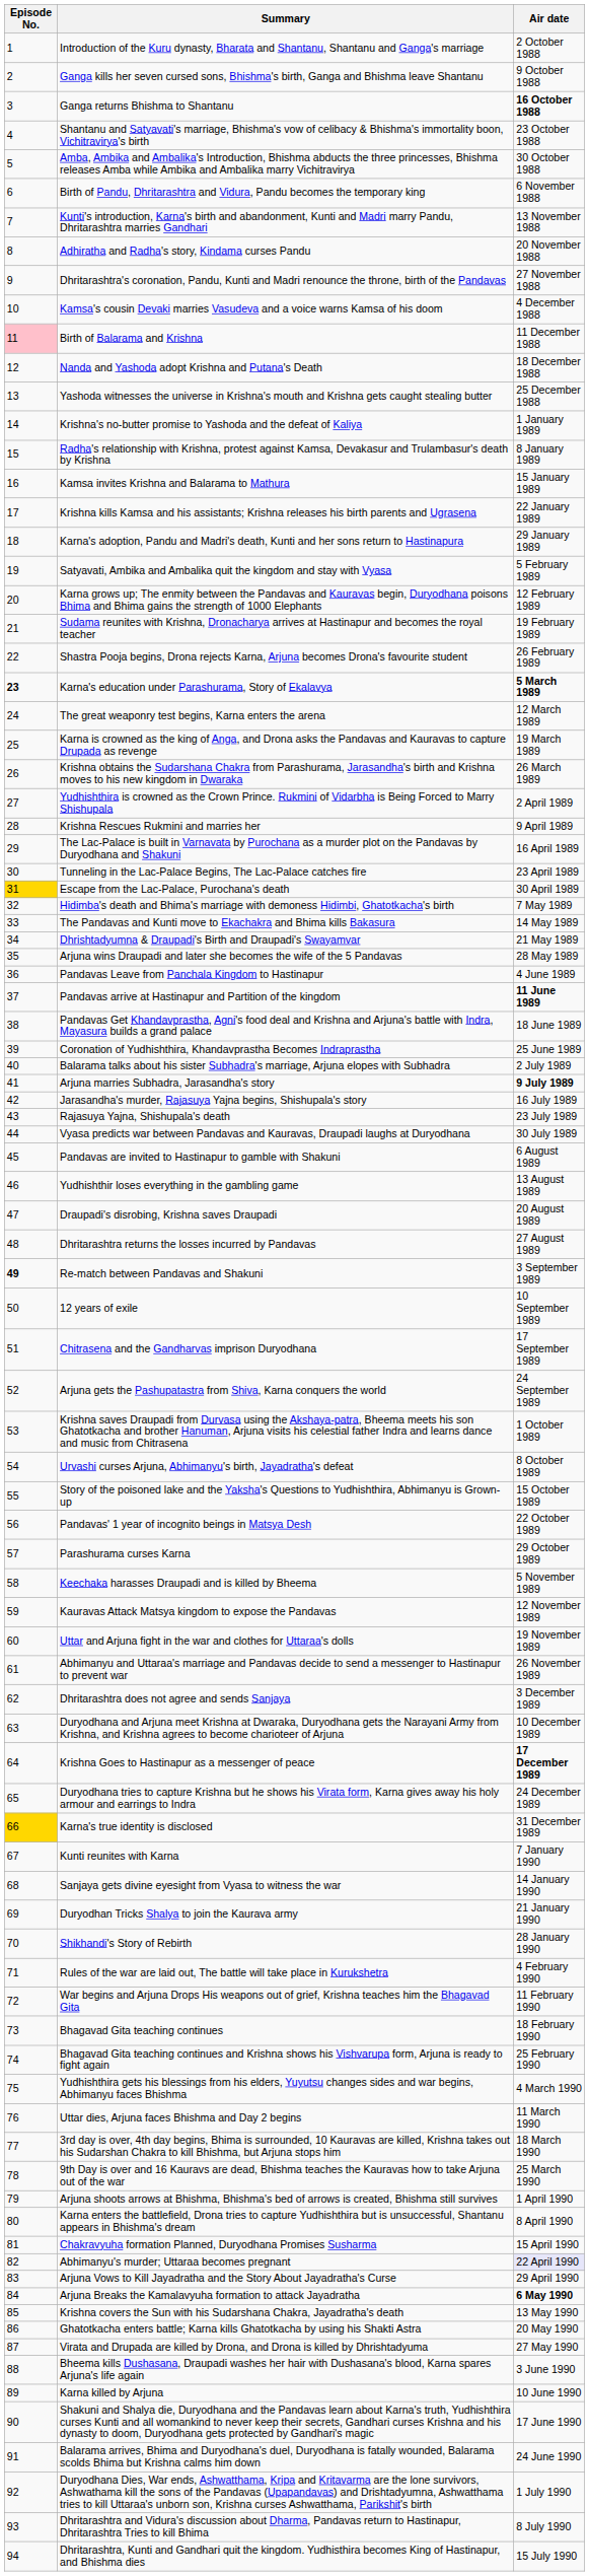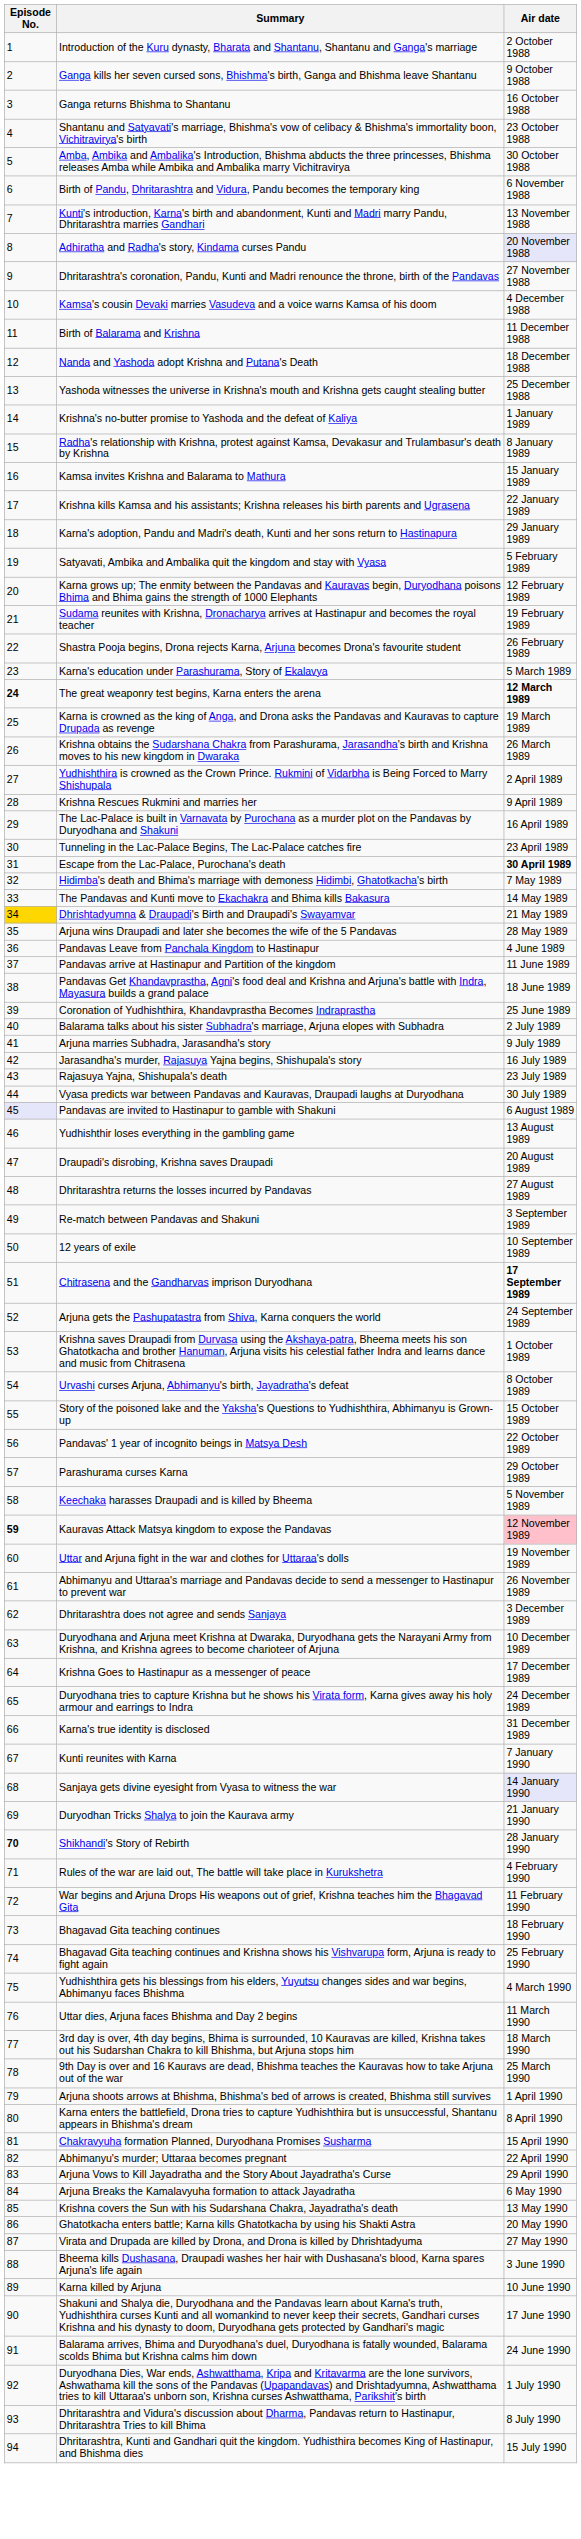 <table class="wikitable">
 <tr>
 <th>Episode No.</th>
 <th>Summary</th>
 <th>Air date</th>
 </tr>
 <tr>
 <td>1</td>
 <td>Introduction of the <a href='#'>Kuru</a> dynasty, <a href='#'>Bharata</a> and <a href='#'>Shantanu</a>, Shantanu and <a href='#'>Ganga</a>'s marriage</td>
 <td>2 October 1988</td>
 </tr>
 <tr>
 <td>2</td>
 <td><a href='#'>Ganga</a> kills her seven cursed sons, <a href='#'>Bhishma</a>'s birth, Ganga and Bhishma leave Shantanu</td>
 <td>9 October 1988</td>
 </tr>
 <tr>
 <td>3</td>
 <td>Ganga returns Bhishma to Shantanu</td>
-<td><strong>16 October 1988</strong></td>
+<td>16 October 1988</td>
 </tr>
 <tr>
 <td>4</td>
 <td>Shantanu and <a href='#'>Satyavati</a>'s marriage, Bhishma's vow of celibacy & Bhishma's immortality boon, <a href='#'>Vichitravirya</a>'s birth</td>
 <td>23 October 1988</td>
 </tr>
 <tr>
 <td>5</td>
 <td><a href='#'>Amba</a>, <a href='#'>Ambika</a> and <a href='#'>Ambalika</a>'s Introduction, Bhishma abducts the three princesses, Bhishma releases Amba while Ambika and Ambalika marry Vichitravirya</td>
 <td>30 October 1988</td>
 </tr>
 <tr>
 <td>6</td>
 <td>Birth of <a href='#'>Pandu</a>, <a href='#'>Dhritarashtra</a> and <a href='#'>Vidura</a>, Pandu becomes the temporary king</td>
 <td>6 November 1988</td>
 </tr>
 <tr>
 <td>7</td>
 <td><a href='#'>Kunti</a>'s introduction, <a href='#'>Karna</a>'s birth and abandonment, Kunti and <a href='#'>Madri</a> marry Pandu, Dhritarashtra marries <a href='#'>Gandhari</a></td>
 <td>13 November 1988</td>
 </tr>
 <tr>
 <td>8</td>
 <td><a href='#'>Adhiratha</a> and <a href='#'>Radha</a>'s story, <a href='#'>Kindama</a> curses Pandu</td>
-<td>20 November 1988</td>
+<td style="background: lavender;">20 November 1988</td>
 </tr>
 <tr>
 <td>9</td>
 <td>Dhritarashtra's coronation, Pandu, Kunti and Madri renounce the throne, birth of the <a href='#'>Pandavas</a></td>
 <td>27 November 1988</td>
 </tr>
 <tr>
 <td>10</td>
 <td><a href='#'>Kamsa</a>'s cousin <a href='#'>Devaki</a> marries <a href='#'>Vasudeva</a> and a voice warns Kamsa of his doom</td>
 <td>4 December 1988</td>
 </tr>
 <tr>
-<td style="background: pink;">11</td>
+<td>11</td>
 <td>Birth of <a href='#'>Balarama</a> and <a href='#'>Krishna</a></td>
 <td>11 December 1988</td>
 </tr>
 <tr>
 <td>12</td>
 <td><a href='#'>Nanda</a> and <a href='#'>Yashoda</a> adopt Krishna and <a href='#'>Putana</a>'s Death</td>
 <td>18 December 1988</td>
 </tr>
 <tr>
 <td>13</td>
 <td>Yashoda witnesses the universe in Krishna's mouth and Krishna gets caught stealing butter</td>
 <td>25 December 1988</td>
 </tr>
 <tr>
 <td>14</td>
 <td>Krishna's no-butter promise to Yashoda and the defeat of <a href='#'>Kaliya</a></td>
 <td>1 January 1989</td>
 </tr>
 <tr>
 <td>15</td>
 <td><a href='#'>Radha</a>'s relationship with Krishna, protest against Kamsa, Devakasur and Trulambasur's death by Krishna</td>
 <td>8 January 1989</td>
 </tr>
 <tr>
 <td>16</td>
 <td>Kamsa invites Krishna and Balarama to <a href='#'>Mathura</a></td>
 <td>15 January 1989</td>
 </tr>
 <tr>
 <td>17</td>
 <td>Krishna kills Kamsa and his assistants; Krishna releases his birth parents and <a href='#'>Ugrasena</a></td>
 <td>22 January 1989</td>
 </tr>
 <tr>
 <td>18</td>
 <td>Karna's adoption, Pandu and Madri's death, Kunti and her sons return to <a href='#'>Hastinapura</a></td>
 <td>29 January 1989</td>
 </tr>
 <tr>
 <td>19</td>
 <td>Satyavati, Ambika and Ambalika quit the kingdom and stay with <a href='#'>Vyasa</a></td>
 <td>5 February 1989</td>
 </tr>
 <tr>
 <td>20</td>
 <td>Karna grows up; The enmity between the Pandavas and <a href='#'>Kauravas</a> begin, <a href='#'>Duryodhana</a> poisons <a href='#'>Bhima</a> and Bhima gains the strength of 1000 Elephants</td>
 <td>12 February 1989</td>
 </tr>
 <tr>
 <td>21</td>
 <td><a href='#'>Sudama</a> reunites with Krishna, <a href='#'>Dronacharya</a> arrives at Hastinapur and becomes the royal teacher</td>
 <td>19 February 1989</td>
 </tr>
 <tr>
 <td>22</td>
 <td>Shastra Pooja begins, Drona rejects Karna, <a href='#'>Arjuna</a> becomes Drona's favourite student</td>
 <td>26 February 1989</td>
 </tr>
 <tr>
-<td><strong>23</strong></td>
+<td>23</td>
 <td>Karna's education under <a href='#'>Parashurama</a>, Story of <a href='#'>Ekalavya</a></td>
-<td><strong>5 March 1989</strong></td>
+<td>5 March 1989</td>
 </tr>
 <tr>
-<td>24</td>
+<td><strong>24</strong></td>
 <td>The great weaponry test begins, Karna enters the arena</td>
-<td>12 March 1989</td>
+<td><strong>12 March 1989</strong></td>
 </tr>
 <tr>
 <td>25</td>
 <td>Karna is crowned as the king of <a href='#'>Anga</a>, and Drona asks the Pandavas and Kauravas to capture <a href='#'>Drupada</a> as revenge</td>
 <td>19 March 1989</td>
 </tr>
 <tr>
 <td>26</td>
 <td>Krishna obtains the <a href='#'>Sudarshana Chakra</a> from Parashurama, <a href='#'>Jarasandha</a>'s birth and Krishna moves to his new kingdom in <a href='#'>Dwaraka</a></td>
 <td>26 March 1989</td>
 </tr>
 <tr>
 <td>27</td>
 <td><a href='#'>Yudhishthira</a> is crowned as the Crown Prince. <a href='#'>Rukmini</a> of <a href='#'>Vidarbha</a> is Being Forced to Marry <a href='#'>Shishupala</a></td>
 <td>2 April 1989</td>
 </tr>
 <tr>
 <td>28</td>
 <td>Krishna Rescues Rukmini and marries her</td>
 <td>9 April 1989</td>
 </tr>
 <tr>
 <td>29</td>
 <td>The Lac-Palace is built in <a href='#'>Varnavata</a> by <a href='#'>Purochana</a> as a murder plot on the Pandavas by Duryodhana and <a href='#'>Shakuni</a></td>
 <td>16 April 1989</td>
 </tr>
 <tr>
 <td>30</td>
 <td>Tunneling in the Lac-Palace Begins, The Lac-Palace catches fire</td>
 <td>23 April 1989</td>
 </tr>
 <tr>
-<td style="background: gold;">31</td>
+<td>31</td>
 <td>Escape from the Lac-Palace, Purochana's death</td>
-<td>30 April 1989</td>
+<td><strong>30 April 1989</strong></td>
 </tr>
 <tr>
 <td>32</td>
 <td><a href='#'>Hidimba</a>'s death and Bhima's marriage with demoness <a href='#'>Hidimbi</a>, <a href='#'>Ghatotkacha</a>'s birth</td>
 <td>7 May 1989</td>
 </tr>
 <tr>
 <td>33</td>
 <td>The Pandavas and Kunti move to <a href='#'>Ekachakra</a> and Bhima kills <a href='#'>Bakasura</a></td>
 <td>14 May 1989</td>
 </tr>
 <tr>
-<td>34</td>
+<td style="background: gold;">34</td>
 <td><a href='#'>Dhrishtadyumna</a> & <a href='#'>Draupadi</a>'s Birth and Draupadi's <a href='#'>Swayamvar</a></td>
 <td>21 May 1989</td>
 </tr>
 <tr>
 <td>35</td>
 <td>Arjuna wins Draupadi and later she becomes the wife of the 5 Pandavas</td>
 <td>28 May 1989</td>
 </tr>
 <tr>
 <td>36</td>
 <td>Pandavas Leave from <a href='#'>Panchala Kingdom</a> to Hastinapur</td>
 <td>4 June 1989</td>
 </tr>
 <tr>
 <td>37</td>
 <td>Pandavas arrive at Hastinapur and Partition of the kingdom</td>
-<td><strong>11 June 1989</strong></td>
+<td>11 June 1989</td>
 </tr>
 <tr>
 <td>38</td>
 <td>Pandavas Get <a href='#'>Khandavprastha</a>, <a href='#'>Agni</a>'s food deal and Krishna and Arjuna's battle with <a href='#'>Indra</a>, <a href='#'>Mayasura</a> builds a grand palace</td>
 <td>18 June 1989</td>
 </tr>
 <tr>
 <td>39</td>
 <td>Coronation of Yudhishthira, Khandavprastha Becomes <a href='#'>Indraprastha</a></td>
 <td>25 June 1989</td>
 </tr>
 <tr>
 <td>40</td>
 <td>Balarama talks about his sister <a href='#'>Subhadra</a>'s marriage, Arjuna elopes with Subhadra</td>
 <td>2 July 1989</td>
 </tr>
 <tr>
 <td>41</td>
 <td>Arjuna marries Subhadra, Jarasandha's story</td>
-<td><strong>9 July 1989</strong></td>
+<td>9 July 1989</td>
 </tr>
 <tr>
 <td>42</td>
 <td>Jarasandha's murder, <a href='#'>Rajasuya</a> Yajna begins, Shishupala's story</td>
 <td>16 July 1989</td>
 </tr>
 <tr>
 <td>43</td>
 <td>Rajasuya Yajna, Shishupala's death</td>
 <td>23 July 1989</td>
 </tr>
 <tr>
 <td>44</td>
 <td>Vyasa predicts war between Pandavas and Kauravas, Draupadi laughs at Duryodhana</td>
 <td>30 July 1989</td>
 </tr>
 <tr>
-<td>45</td>
+<td style="background: lavender;">45</td>
 <td>Pandavas are invited to Hastinapur to gamble with Shakuni</td>
 <td>6 August 1989</td>
 </tr>
 <tr>
 <td>46</td>
 <td>Yudhishthir loses everything in the gambling game</td>
 <td>13 August 1989</td>
 </tr>
 <tr>
 <td>47</td>
 <td>Draupadi's disrobing, Krishna saves Draupadi</td>
 <td>20 August 1989</td>
 </tr>
 <tr>
 <td>48</td>
 <td>Dhritarashtra returns the losses incurred by Pandavas</td>
 <td>27 August 1989</td>
 </tr>
 <tr>
-<td><strong>49</strong></td>
+<td>49</td>
 <td>Re-match between Pandavas and Shakuni</td>
 <td>3 September 1989</td>
 </tr>
 <tr>
 <td>50</td>
 <td>12 years of exile</td>
 <td>10 September 1989</td>
 </tr>
 <tr>
 <td>51</td>
 <td><a href='#'>Chitrasena</a> and the <a href='#'>Gandharvas</a> imprison Duryodhana</td>
-<td>17 September 1989</td>
+<td><strong>17 September 1989</strong></td>
 </tr>
 <tr>
 <td>52</td>
 <td>Arjuna gets the <a href='#'>Pashupatastra</a> from <a href='#'>Shiva</a>, Karna conquers the world</td>
 <td>24 September 1989</td>
 </tr>
 <tr>
 <td>53</td>
 <td>Krishna saves Draupadi from <a href='#'>Durvasa</a> using the <a href='#'>Akshaya-patra</a>, Bheema meets his son Ghatotkacha and brother <a href='#'>Hanuman</a>, Arjuna visits his celestial father Indra and learns dance and music from Chitrasena</td>
 <td>1 October 1989</td>
 </tr>
 <tr>
 <td>54</td>
 <td><a href='#'>Urvashi</a> curses Arjuna, <a href='#'>Abhimanyu</a>'s birth, <a href='#'>Jayadratha</a>'s defeat</td>
 <td>8 October 1989</td>
 </tr>
 <tr>
 <td>55</td>
 <td>Story of the poisoned lake and the <a href='#'>Yaksha</a>'s Questions to Yudhishthira, Abhimanyu is Grown-up</td>
 <td>15 October 1989</td>
 </tr>
 <tr>
 <td>56</td>
 <td>Pandavas' 1 year of incognito beings in <a href='#'>Matsya Desh</a></td>
 <td>22 October 1989</td>
 </tr>
 <tr>
 <td>57</td>
 <td>Parashurama curses Karna</td>
 <td>29 October 1989</td>
 </tr>
 <tr>
 <td>58</td>
 <td><a href='#'>Keechaka</a> harasses Draupadi and is killed by Bheema</td>
 <td>5 November 1989</td>
 </tr>
 <tr>
-<td>59</td>
+<td><strong>59</strong></td>
 <td>Kauravas Attack Matsya kingdom to expose the Pandavas</td>
-<td>12 November 1989</td>
+<td style="background: pink;">12 November 1989</td>
 </tr>
 <tr>
 <td>60</td>
 <td><a href='#'>Uttar</a> and Arjuna fight in the war and clothes for <a href='#'>Uttaraa</a>'s dolls</td>
 <td>19 November 1989</td>
 </tr>
 <tr>
 <td>61</td>
 <td>Abhimanyu and Uttaraa's marriage and Pandavas decide to send a messenger to Hastinapur to prevent war</td>
 <td>26 November 1989</td>
 </tr>
 <tr>
 <td>62</td>
 <td>Dhritarashtra does not agree and sends <a href='#'>Sanjaya</a></td>
 <td>3 December 1989</td>
 </tr>
 <tr>
 <td>63</td>
 <td>Duryodhana and Arjuna meet Krishna at Dwaraka, Duryodhana gets the Narayani Army from Krishna, and Krishna agrees to become charioteer of Arjuna</td>
 <td>10 December 1989</td>
 </tr>
 <tr>
 <td>64</td>
 <td>Krishna Goes to Hastinapur as a messenger of peace</td>
-<td><strong>17 December 1989</strong></td>
+<td>17 December 1989</td>
 </tr>
 <tr>
 <td>65</td>
 <td>Duryodhana tries to capture Krishna but he shows his <a href='#'>Virata form</a>, Karna gives away his holy armour and earrings to Indra</td>
 <td>24 December 1989</td>
 </tr>
 <tr>
-<td style="background: gold;">66</td>
+<td>66</td>
 <td>Karna's true identity is disclosed</td>
 <td>31 December 1989</td>
 </tr>
 <tr>
 <td>67</td>
 <td>Kunti reunites with Karna</td>
 <td>7 January 1990</td>
 </tr>
 <tr>
 <td>68</td>
 <td>Sanjaya gets divine eyesight from Vyasa to witness the war</td>
-<td>14 January 1990</td>
+<td style="background: lavender;">14 January 1990</td>
 </tr>
 <tr>
 <td>69</td>
 <td>Duryodhan Tricks <a href='#'>Shalya</a> to join the Kaurava army</td>
 <td>21 January 1990</td>
 </tr>
 <tr>
-<td>70</td>
+<td><strong>70</strong></td>
 <td><a href='#'>Shikhandi</a>'s Story of Rebirth</td>
 <td>28 January 1990</td>
 </tr>
 <tr>
 <td>71</td>
 <td>Rules of the war are laid out, The battle will take place in <a href='#'>Kurukshetra</a></td>
 <td>4 February 1990</td>
 </tr>
 <tr>
 <td>72</td>
 <td>War begins and Arjuna Drops His weapons out of grief, Krishna teaches him the <a href='#'>Bhagavad Gita</a></td>
 <td>11 February 1990</td>
 </tr>
 <tr>
 <td>73</td>
 <td>Bhagavad Gita teaching continues</td>
 <td>18 February 1990</td>
 </tr>
 <tr>
 <td>74</td>
 <td>Bhagavad Gita teaching continues and Krishna shows his <a href='#'>Vishvarupa</a> form, Arjuna is ready to fight again</td>
 <td>25 February 1990</td>
 </tr>
 <tr>
 <td>75</td>
 <td>Yudhishthira gets his blessings from his elders, <a href='#'>Yuyutsu</a> changes sides and war begins, Abhimanyu faces Bhishma</td>
 <td>4 March 1990</td>
 </tr>
 <tr>
 <td>76</td>
 <td>Uttar dies, Arjuna faces Bhishma and Day 2 begins</td>
 <td>11 March 1990</td>
 </tr>
 <tr>
 <td>77</td>
 <td>3rd day is over, 4th day begins, Bhima is surrounded, 10 Kauravas are killed, Krishna takes out his Sudarshan Chakra to kill Bhishma, but Arjuna stops him</td>
 <td>18 March 1990</td>
 </tr>
 <tr>
 <td>78</td>
 <td>9th Day is over and 16 Kauravs are dead, Bhishma teaches the Kauravas how to take Arjuna out of the war</td>
 <td>25 March 1990</td>
 </tr>
 <tr>
 <td>79</td>
 <td>Arjuna shoots arrows at Bhishma, Bhishma's bed of arrows is created, Bhishma still survives</td>
 <td>1 April 1990</td>
 </tr>
 <tr>
 <td>80</td>
 <td>Karna enters the battlefield, Drona tries to capture Yudhishthira but is unsuccessful, Shantanu appears in Bhishma's dream</td>
 <td>8 April 1990</td>
 </tr>
 <tr>
 <td>81</td>
 <td><a href='#'>Chakravyuha</a> formation Planned, Duryodhana Promises <a href='#'>Susharma</a></td>
 <td>15 April 1990</td>
 </tr>
 <tr>
 <td>82</td>
 <td>Abhimanyu's murder; Uttaraa becomes pregnant</td>
-<td style="background: lavender;">22 April 1990</td>
+<td>22 April 1990</td>
 </tr>
 <tr>
 <td>83</td>
 <td>Arjuna Vows to Kill Jayadratha and the Story About Jayadratha's Curse</td>
 <td>29 April 1990</td>
 </tr>
 <tr>
 <td>84</td>
 <td>Arjuna Breaks the Kamalavyuha formation to attack Jayadratha</td>
-<td><strong>6 May 1990</strong></td>
+<td>6 May 1990</td>
 </tr>
 <tr>
 <td>85</td>
 <td>Krishna covers the Sun with his Sudarshana Chakra, Jayadratha's death</td>
 <td>13 May 1990</td>
 </tr>
 <tr>
 <td>86</td>
 <td>Ghatotkacha enters battle; Karna kills Ghatotkacha by using his Shakti Astra</td>
 <td>20 May 1990</td>
 </tr>
 <tr>
 <td>87</td>
 <td>Virata and Drupada are killed by Drona, and Drona is killed by Dhrishtadyuma</td>
 <td>27 May 1990</td>
 </tr>
 <tr>
 <td>88</td>
 <td>Bheema kills <a href='#'>Dushasana</a>, Draupadi washes her hair with Dushasana's blood, Karna spares Arjuna's life again</td>
 <td>3 June 1990</td>
 </tr>
 <tr>
 <td>89</td>
 <td>Karna killed by Arjuna</td>
 <td>10 June 1990</td>
 </tr>
 <tr>
 <td>90</td>
 <td>Shakuni and Shalya die, Duryodhana and the Pandavas learn about Karna's truth, Yudhishthira curses Kunti and all womankind to never keep their secrets, Gandhari curses Krishna and his dynasty to doom, Duryodhana gets protected by Gandhari's magic</td>
 <td>17 June 1990</td>
 </tr>
 <tr>
 <td>91</td>
 <td>Balarama arrives, Bhima and Duryodhana's duel, Duryodhana is fatally wounded, Balarama scolds Bhima but Krishna calms him down</td>
 <td>24 June 1990</td>
 </tr>
 <tr>
 <td>92</td>
 <td>Duryodhana Dies, War ends, <a href='#'>Ashwatthama</a>, <a href='#'>Kripa</a> and <a href='#'>Kritavarma</a> are the lone survivors, Ashwathama kill the sons of the Pandavas (<a href='#'>Upapandavas</a>) and Drishtadyumna, Ashwatthama tries to kill Uttaraa's unborn son, Krishna curses Ashwatthama, <a href='#'>Parikshit</a>'s birth</td>
 <td>1 July 1990</td>
 </tr>
 <tr>
 <td>93</td>
 <td>Dhritarashtra and Vidura's discussion about <a href='#'>Dharma</a>, Pandavas return to Hastinapur, Dhritarashtra Tries to kill Bhima</td>
 <td>8 July 1990</td>
 </tr>
 <tr>
 <td>94</td>
 <td>Dhritarashtra, Kunti and Gandhari quit the kingdom. Yudhisthira becomes King of Hastinapur, and Bhishma dies</td>
 <td>15 July 1990</td>
 </tr>
 </table>
